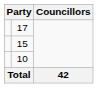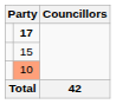 <table class="wikitable">
 <tr>
 <th colspan=2>Party</th>
 <th>Councillors</th>
 </tr>
 <tr>
 <td></td>
-<td align=center>17</td>
+<td align=center><strong>17</strong></td>
 </tr>
 <tr>
 <td></td>
 <td align=center>15</td>
 </tr>
 <tr>
 <td></td>
-<td align=center>10</td>
+<td align=center style="background: lightsalmon;">10</td>
 </tr>
 <tr>
 <th colspan=2>Total</th>
 <th align=center>42</th>
 </tr>
 </table>
